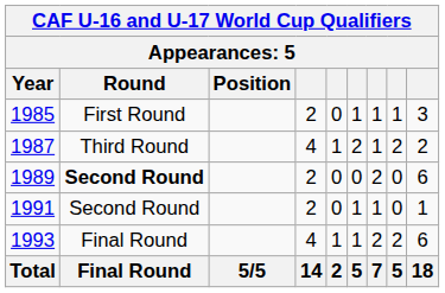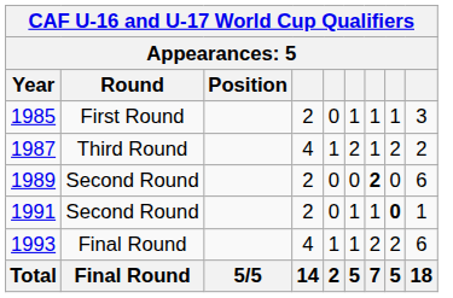 <table class="wikitable" style="text-align: center;">
 <tr>
 <th colspan=9><a href='#'>CAF U-16 and U-17 World Cup Qualifiers</a></th>
 </tr>
 <tr>
 <th colspan=9>Appearances: 5</th>
 </tr>
 <tr>
 <th>Year</th>
 <th>Round</th>
 <th>Position</th>
 <th></th>
 <th></th>
 <th></th>
 <th></th>
 <th></th>
 <th></th>
 </tr>
 <tr>
 <td><a href='#'>1985</a></td>
 <td>First Round</td>
 <td></td>
 <td>2</td>
 <td>0</td>
 <td>1</td>
 <td>1</td>
 <td>1</td>
 <td>3</td>
 </tr>
 <tr>
 <td><a href='#'>1987</a></td>
 <td>Third Round</td>
 <td></td>
 <td>4</td>
 <td>1</td>
 <td>2</td>
 <td>1</td>
 <td>2</td>
 <td>2</td>
 </tr>
 <tr>
 <td><a href='#'>1989</a></td>
-<td><strong>Second Round</strong></td>
+<td>Second Round</td>
 <td></td>
 <td>2</td>
 <td>0</td>
 <td>0</td>
-<td>2</td>
+<td><strong>2</strong></td>
 <td>0</td>
 <td>6</td>
 </tr>
 <tr>
 <td><a href='#'>1991</a></td>
 <td>Second Round</td>
 <td></td>
 <td>2</td>
 <td>0</td>
 <td>1</td>
 <td>1</td>
-<td>0</td>
+<td><strong>0</strong></td>
 <td>1</td>
 </tr>
 <tr>
 <td><a href='#'>1993</a></td>
 <td>Final Round</td>
 <td></td>
 <td>4</td>
 <td>1</td>
 <td>1</td>
 <td>2</td>
 <td>2</td>
 <td>6</td>
 </tr>
 <tr>
 <th>Total</th>
 <th>Final Round</th>
 <th>5/5</th>
 <th>14</th>
 <th>2</th>
 <th>5</th>
 <th>7</th>
 <th>5</th>
 <th>18</th>
 </tr>
 </table>
